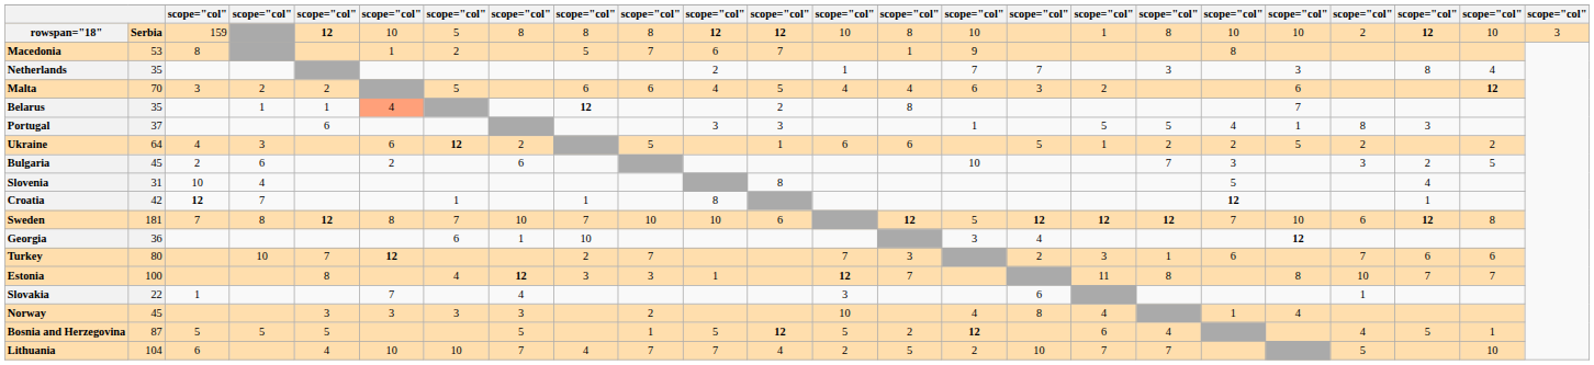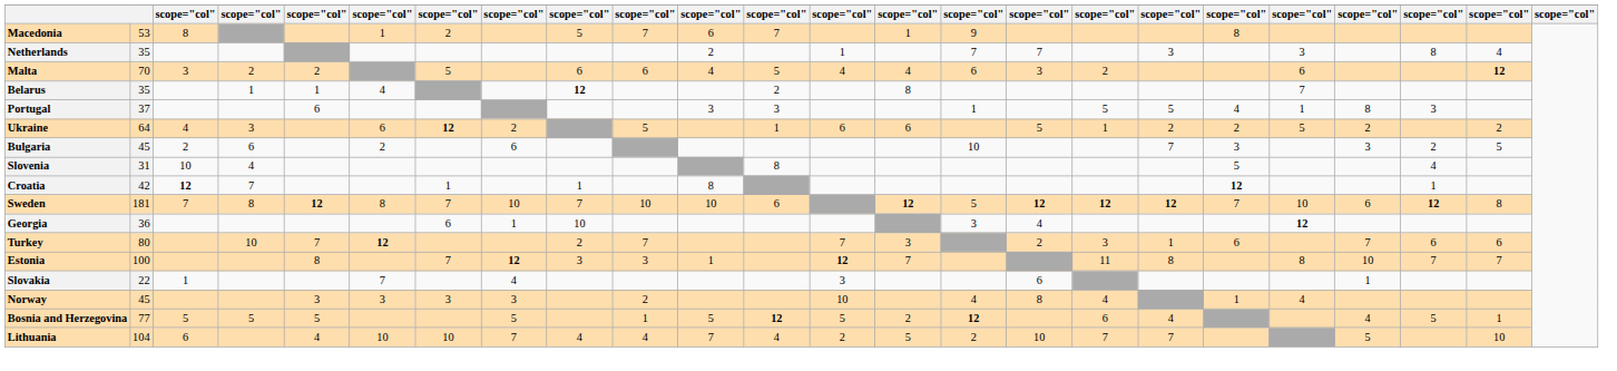 <table class="wikitable plainrowheaders" style="text-align:center; font-size:85%;">
 <tr>
 </tr>
 <tr>
 <th colspan="2"></th>
 <th>scope="col" </th>
 <th>scope="col" </th>
 <th>scope="col" </th>
 <th>scope="col" </th>
 <th>scope="col" </th>
 <th>scope="col" </th>
 <th>scope="col" </th>
 <th>scope="col" </th>
 <th>scope="col" </th>
 <th>scope="col" </th>
 <th>scope="col" </th>
 <th>scope="col" </th>
 <th>scope="col" </th>
 <th>scope="col" </th>
 <th>scope="col" </th>
 <th>scope="col" </th>
 <th>scope="col" </th>
 <th>scope="col" </th>
 <th>scope="col" </th>
 <th>scope="col" </th>
 <th>scope="col" </th>
 <th>scope="col" </th>
-</tr>
-<tr style="background:#ffdead;">
-<th>rowspan="18" </th>
-<th scope="row" style="text-align:left; font-weight:bold; background:#ffdead;">Serbia</th>
-<td style="text-align:right;">159</td>
-<td style="text-align:left; background:#aaa;"></td>
-<td><strong>12</strong></td>
-<td>10</td>
-<td>5</td>
-<td>8</td>
-<td>8</td>
-<td>8</td>
-<td><strong>12</strong></td>
-<td><strong>12</strong></td>
-<td>10</td>
-<td>8</td>
-<td>10</td>
-<td></td>
-<td>1</td>
-<td>8</td>
-<td>10</td>
-<td>10</td>
-<td>2</td>
-<td><strong>12</strong></td>
-<td>10</td>
-<td>3</td>
 </tr>
 <tr style="background:#ffdead;">
 <th scope="row" style="text-align:left; font-weight:bold; background:#ffdead;">Macedonia</th>
 <td style="text-align:right;">53</td>
 <td>8</td>
 <td style="text-align:left; background:#aaa;"></td>
 <td></td>
 <td>1</td>
 <td>2</td>
 <td></td>
 <td>5</td>
 <td>7</td>
 <td>6</td>
 <td>7</td>
 <td></td>
 <td>1</td>
 <td>9</td>
 <td></td>
 <td></td>
 <td></td>
 <td>8</td>
 <td></td>
 <td></td>
 <td></td>
 <td></td>
 </tr>
 <tr>
 <th scope="row" style="text-align:left; background:#f2f2f2;">Netherlands</th>
 <td style="text-align:right; background:#f2f2f2;">35</td>
 <td></td>
 <td></td>
 <td style="text-align:left; background:#aaa;"></td>
 <td></td>
 <td></td>
 <td></td>
 <td></td>
 <td></td>
 <td>2</td>
 <td></td>
 <td>1</td>
 <td></td>
 <td>7</td>
 <td>7</td>
 <td></td>
 <td>3</td>
 <td></td>
 <td>3</td>
 <td></td>
 <td>8</td>
 <td>4</td>
 </tr>
 <tr style="background:#ffdead;">
 <th scope="row" style="text-align:left; font-weight:bold; background:#ffdead;">Malta</th>
 <td style="text-align:right;">70</td>
 <td>3</td>
 <td>2</td>
 <td>2</td>
 <td style="text-align:left; background:#aaa;"></td>
 <td>5</td>
 <td></td>
 <td>6</td>
 <td>6</td>
 <td>4</td>
 <td>5</td>
 <td>4</td>
 <td>4</td>
 <td>6</td>
 <td>3</td>
 <td>2</td>
 <td></td>
 <td></td>
 <td>6</td>
 <td></td>
 <td></td>
 <td><strong>12</strong></td>
 </tr>
 <tr>
 <th scope="row" style="text-align:left; background:#f2f2f2;">Belarus</th>
 <td style="text-align:right; background:#f2f2f2;">35</td>
 <td></td>
 <td>1</td>
 <td>1</td>
-<td style="background: lightsalmon;">4</td>
+<td>4</td>
 <td style="text-align:left; background:#aaa;"></td>
 <td></td>
 <td><strong>12</strong></td>
 <td></td>
 <td></td>
 <td>2</td>
 <td></td>
 <td>8</td>
 <td></td>
 <td></td>
 <td></td>
 <td></td>
 <td></td>
 <td>7</td>
 <td></td>
 <td></td>
 <td></td>
 </tr>
 <tr>
 <th scope="row" style="text-align:left; background:#f2f2f2;">Portugal</th>
 <td style="text-align:right; background:#f2f2f2;">37</td>
 <td></td>
 <td></td>
 <td>6</td>
 <td></td>
 <td></td>
 <td style="text-align:left; background:#aaa;"></td>
 <td></td>
 <td></td>
 <td>3</td>
 <td>3</td>
 <td></td>
 <td></td>
 <td>1</td>
 <td></td>
 <td>5</td>
 <td>5</td>
 <td>4</td>
 <td>1</td>
 <td>8</td>
 <td>3</td>
 <td></td>
 </tr>
 <tr style="background:#ffdead;">
 <th scope="row" style="text-align:left; font-weight:bold; background:#ffdead;">Ukraine</th>
 <td style="text-align:right;">64</td>
 <td>4</td>
 <td>3</td>
 <td></td>
 <td>6</td>
 <td><strong>12</strong></td>
 <td>2</td>
 <td style="text-align:left; background:#aaa;"></td>
 <td>5</td>
 <td></td>
 <td>1</td>
 <td>6</td>
 <td>6</td>
 <td></td>
 <td>5</td>
 <td>1</td>
 <td>2</td>
 <td>2</td>
 <td>5</td>
 <td>2</td>
 <td></td>
 <td>2</td>
 </tr>
 <tr>
 <th scope="row" style="text-align:left; background:#f2f2f2;">Bulgaria</th>
 <td style="text-align:right; background:#f2f2f2;">45</td>
 <td>2</td>
 <td>6</td>
 <td></td>
 <td>2</td>
 <td></td>
 <td>6</td>
 <td></td>
 <td style="text-align:left; background:#aaa;"></td>
 <td></td>
 <td></td>
 <td></td>
 <td></td>
 <td>10</td>
 <td></td>
 <td></td>
 <td>7</td>
 <td>3</td>
 <td></td>
 <td>3</td>
 <td>2</td>
 <td>5</td>
 </tr>
 <tr>
 <th scope="row" style="text-align:left; background:#f2f2f2;">Slovenia</th>
 <td style="text-align:right; background:#f2f2f2;">31</td>
 <td>10</td>
 <td>4</td>
 <td></td>
 <td></td>
 <td></td>
 <td></td>
 <td></td>
 <td></td>
 <td style="text-align:left; background:#aaa;"></td>
 <td>8</td>
 <td></td>
 <td></td>
 <td></td>
 <td></td>
 <td></td>
 <td></td>
 <td>5</td>
 <td></td>
 <td></td>
 <td>4</td>
 <td></td>
 </tr>
 <tr>
 <th scope="row" style="text-align:left; background:#f2f2f2;">Croatia</th>
 <td style="text-align:right; background:#f2f2f2;">42</td>
 <td><strong>12</strong></td>
 <td>7</td>
 <td></td>
 <td></td>
 <td>1</td>
 <td></td>
 <td>1</td>
 <td></td>
 <td>8</td>
 <td style="text-align:left; background:#aaa;"></td>
 <td></td>
 <td></td>
 <td></td>
 <td></td>
 <td></td>
 <td></td>
 <td><strong>12</strong></td>
 <td></td>
 <td></td>
 <td>1</td>
 <td></td>
 </tr>
 <tr style="background:#ffdead;">
 <th scope="row" style="text-align:left; font-weight:bold; background:#ffdead;">Sweden</th>
 <td style="text-align:right;">181</td>
 <td>7</td>
 <td>8</td>
 <td><strong>12</strong></td>
 <td>8</td>
 <td>7</td>
 <td>10</td>
 <td>7</td>
 <td>10</td>
 <td>10</td>
 <td>6</td>
 <td style="text-align:left; background:#aaa;"></td>
 <td><strong>12</strong></td>
 <td>5</td>
 <td><strong>12</strong></td>
 <td><strong>12</strong></td>
 <td><strong>12</strong></td>
 <td>7</td>
 <td>10</td>
 <td>6</td>
 <td><strong>12</strong></td>
 <td>8</td>
 </tr>
 <tr>
 <th scope="row" style="text-align:left; background:#f2f2f2;">Georgia</th>
 <td style="text-align:right; background:#f2f2f2;">36</td>
 <td></td>
 <td></td>
 <td></td>
 <td></td>
 <td>6</td>
 <td>1</td>
 <td>10</td>
 <td></td>
 <td></td>
 <td></td>
 <td></td>
 <td style="text-align:left; background:#aaa;"></td>
 <td>3</td>
 <td>4</td>
 <td></td>
 <td></td>
 <td></td>
 <td><strong>12</strong></td>
 <td></td>
 <td></td>
 <td></td>
 </tr>
 <tr style="background:#ffdead;">
 <th scope="row" style="text-align:left; font-weight:bold; background:#ffdead;">Turkey</th>
 <td style="text-align:right;">80</td>
 <td></td>
 <td>10</td>
 <td>7</td>
 <td><strong>12</strong></td>
 <td></td>
 <td></td>
 <td>2</td>
 <td>7</td>
 <td></td>
 <td></td>
 <td>7</td>
 <td>3</td>
 <td style="text-align:left; background:#aaa;"></td>
 <td>2</td>
 <td>3</td>
 <td>1</td>
 <td>6</td>
 <td></td>
 <td>7</td>
 <td>6</td>
 <td>6</td>
 </tr>
 <tr style="background:#ffdead;">
 <th scope="row" style="text-align:left; font-weight:bold; background:#ffdead;">Estonia</th>
 <td style="text-align:right;">100</td>
 <td></td>
 <td></td>
 <td>8</td>
 <td></td>
-<td>4</td>
+<td>7</td>
 <td><strong>12</strong></td>
 <td>3</td>
 <td>3</td>
 <td>1</td>
 <td></td>
 <td><strong>12</strong></td>
 <td>7</td>
 <td></td>
 <td style="text-align:left; background:#aaa;"></td>
 <td>11</td>
 <td>8</td>
 <td></td>
 <td>8</td>
 <td>10</td>
 <td>7</td>
 <td>7</td>
 </tr>
 <tr>
 <th scope="row" style="text-align:left; background:#f2f2f2;">Slovakia</th>
 <td style="text-align:right; background:#f2f2f2;">22</td>
 <td>1</td>
 <td></td>
 <td></td>
 <td>7</td>
 <td></td>
 <td>4</td>
 <td></td>
 <td></td>
 <td></td>
 <td></td>
 <td>3</td>
 <td></td>
 <td></td>
 <td>6</td>
 <td style="text-align:left; background:#aaa;"></td>
 <td></td>
 <td></td>
 <td></td>
 <td>1</td>
 <td></td>
 <td></td>
 </tr>
 <tr style="background:#ffdead;">
 <th scope="row" style="text-align:left; font-weight:bold; background:#ffdead;">Norway</th>
 <td style="text-align:right;">45</td>
 <td></td>
 <td></td>
 <td>3</td>
 <td>3</td>
 <td>3</td>
 <td>3</td>
 <td></td>
 <td>2</td>
 <td></td>
 <td></td>
 <td>10</td>
 <td></td>
 <td>4</td>
 <td>8</td>
 <td>4</td>
 <td style="text-align:left; background:#aaa;"></td>
 <td>1</td>
 <td>4</td>
 <td></td>
 <td></td>
 <td></td>
 </tr>
 <tr style="background:#ffdead;">
 <th scope="row" style="text-align:left; font-weight:bold; background:#ffdead;">Bosnia and Herzegovina</th>
-<td style="text-align:right;">87</td>
+<td style="text-align:right;">77</td>
 <td>5</td>
 <td>5</td>
 <td>5</td>
 <td></td>
 <td></td>
 <td>5</td>
 <td></td>
 <td>1</td>
 <td>5</td>
 <td><strong>12</strong></td>
 <td>5</td>
 <td>2</td>
 <td><strong>12</strong></td>
 <td></td>
 <td>6</td>
 <td>4</td>
 <td style="text-align:left; background:#aaa;"></td>
 <td></td>
 <td>4</td>
 <td>5</td>
 <td>1</td>
 </tr>
 <tr style="background:#ffdead;">
 <th scope="row" style="text-align:left; font-weight:bold; background:#ffdead;">Lithuania</th>
 <td style="text-align:right;">104</td>
 <td>6</td>
 <td></td>
 <td>4</td>
 <td>10</td>
 <td>10</td>
 <td>7</td>
 <td>4</td>
-<td>7</td>
+<td>4</td>
 <td>7</td>
 <td>4</td>
 <td>2</td>
 <td>5</td>
 <td>2</td>
 <td>10</td>
 <td>7</td>
 <td>7</td>
 <td></td>
 <td style="text-align:left; background:#aaa;"></td>
 <td>5</td>
 <td></td>
 <td>10</td>
 </tr>
 </table>
